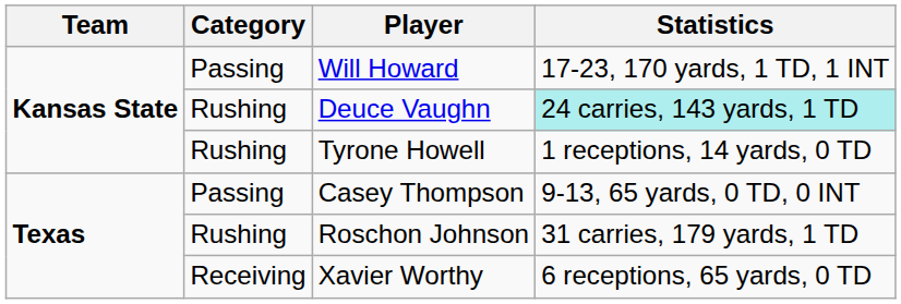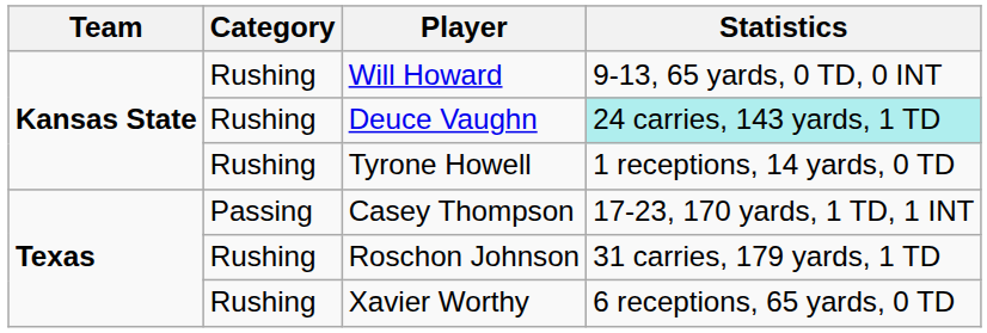 <table class="wikitable" style="float: right;">
 <tr>
 <th>Team</th>
 <th>Category</th>
 <th>Player</th>
 <th>Statistics</th>
 </tr>
 <tr>
 <td rowspan=3><strong>Kansas State</strong></td>
-<td>Passing</td>
+<td>Rushing</td>
 <td><a href='#'>Will Howard</a></td>
-<td>17-23, 170 yards, 1 TD, 1 INT</td>
+<td>9-13, 65 yards, 0 TD, 0 INT</td>
 </tr>
 <tr>
 <td>Rushing</td>
 <td><a href='#'>Deuce Vaughn</a></td>
 <td style="background: paleturquoise;">24 carries, 143 yards, 1 TD</td>
 </tr>
 <tr>
 <td>Rushing</td>
 <td>Tyrone Howell</td>
 <td>1 receptions, 14 yards, 0 TD</td>
 </tr>
 <tr>
 <td rowspan=3><strong>Texas</strong></td>
 <td>Passing</td>
 <td>Casey Thompson</td>
-<td>9-13, 65 yards, 0 TD, 0 INT</td>
+<td>17-23, 170 yards, 1 TD, 1 INT</td>
 </tr>
 <tr>
 <td>Rushing</td>
 <td>Roschon Johnson</td>
 <td>31 carries, 179 yards, 1 TD</td>
 </tr>
 <tr>
-<td>Receiving</td>
+<td>Rushing</td>
 <td>Xavier Worthy</td>
 <td>6 receptions, 65 yards, 0 TD</td>
 </tr>
 </table>
